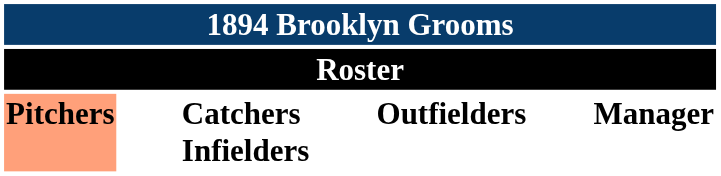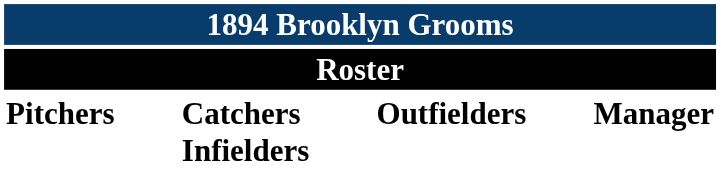 <table class="toccolours" style="font-size: 95%;">
 <tr>
 <th colspan="10" style="background-color: #083c6b; color: white; text-align: center;">1894 Brooklyn Grooms</th>
 </tr>
 <tr>
 <td colspan="10" style="background-color: black; color: white; text-align: center;"><strong>Roster</strong></td>
 </tr>
 <tr>
-<td valign="top" style="background: lightsalmon;"><strong>Pitchers</strong><br>        </td>
+<td valign="top"><strong>Pitchers</strong><br>        </td>
 <td width="25px"></td>
 <td valign="top"><strong>Catchers</strong><br>   <strong>Infielders</strong>      </td>
 <td width="25px"></td>
 <td valign="top"><strong>Outfielders</strong><br>     </td>
 <td width="25px"></td>
 <td valign="top"><strong>Manager</strong><br></td>
 </tr>
 </table>
